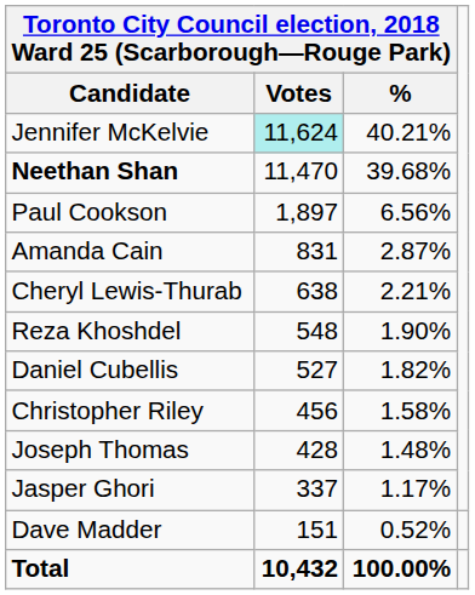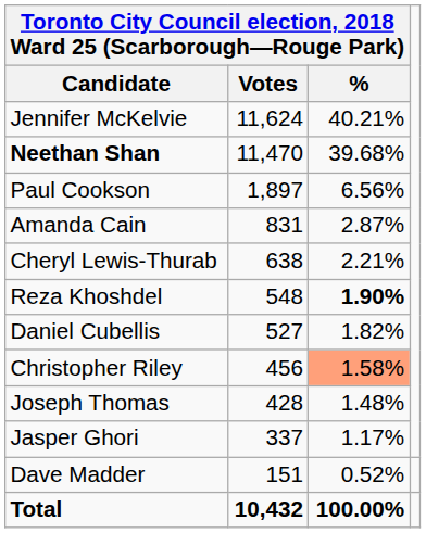 <table class="wikitable collapsible" border="1" style="text-align:right;">
 <tr>
 <th align=center colspan=3><a href='#'>Toronto City Council election, 2018</a><br>Ward 25 (Scarborough—Rouge Park)</th>
 </tr>
 <tr>
 <th align=left>Candidate</th>
 <th align=left>Votes</th>
 <th align=left>%</th>
 </tr>
 <tr>
 <td align=left>Jennifer McKelvie</td>
-<td style="background: paleturquoise;">11,624</td>
+<td>11,624</td>
 <td>40.21%</td>
 </tr>
 <tr>
 <td align=left><strong>Neethan Shan</strong></td>
 <td>11,470</td>
 <td>39.68%</td>
 </tr>
 <tr>
 <td align=left>Paul Cookson</td>
 <td>1,897</td>
 <td>6.56%</td>
 </tr>
 <tr>
 <td align=left>Amanda Cain</td>
 <td>831</td>
 <td>2.87%</td>
 </tr>
 <tr>
 <td align=left>Cheryl Lewis-Thurab</td>
 <td>638</td>
 <td>2.21%</td>
 </tr>
 <tr>
 <td align=left>Reza Khoshdel</td>
 <td>548</td>
-<td>1.90%</td>
+<td><strong>1.90%</strong></td>
 </tr>
 <tr>
 <td align=left>Daniel Cubellis</td>
 <td>527</td>
 <td>1.82%</td>
 </tr>
 <tr>
 <td align=left>Christopher Riley</td>
 <td>456</td>
-<td>1.58%</td>
+<td style="background: lightsalmon;">1.58%</td>
 </tr>
 <tr>
 <td align=left>Joseph Thomas</td>
 <td>428</td>
 <td>1.48%</td>
 </tr>
 <tr>
 <td align=left>Jasper Ghori</td>
 <td>337</td>
 <td>1.17%</td>
 </tr>
 <tr>
 <td align=left>Dave Madder</td>
 <td>151</td>
 <td>0.52%</td>
 <td></td>
 </tr>
 <tr style="font-weight:bold">
 <td align=left>Total</td>
 <td>10,432</td>
 <td>100.00%</td>
 </tr>
 </table>
